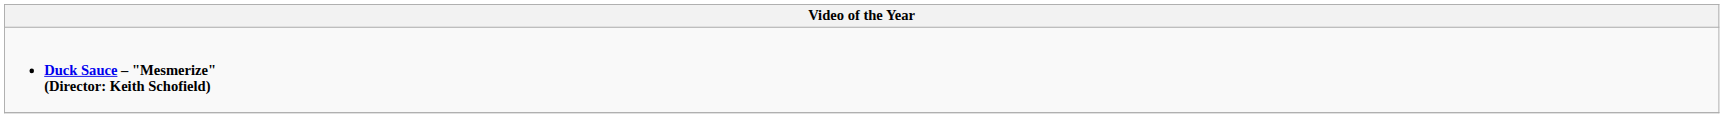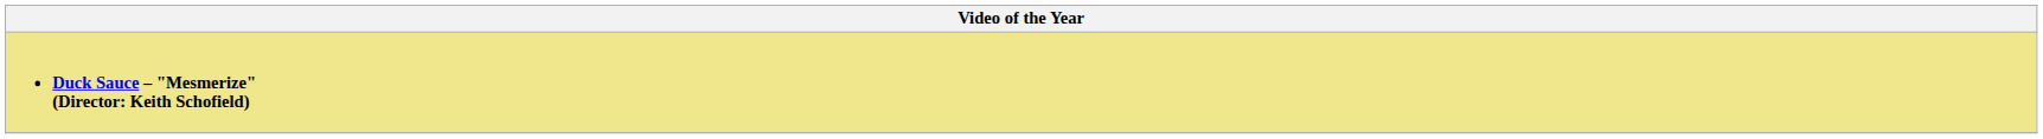 <table class="wikitable" style="width:95%">
 <tr bgcolor="#bebebe">
 <th width="100%">Video of the Year</th>
 </tr>
 <tr>
-<td valign="top"><br><ul><li><strong><a href='#'>Duck Sauce</a> – "Mesmerize" <br>(Director: Keith Schofield)</strong></li></ul></td>
+<td valign="top" style="background: khaki;"><br><ul><li><strong><a href='#'>Duck Sauce</a> – "Mesmerize" <br>(Director: Keith Schofield)</strong></li></ul></td>
 </tr>
 <tr>
 </tr>
 </table>
